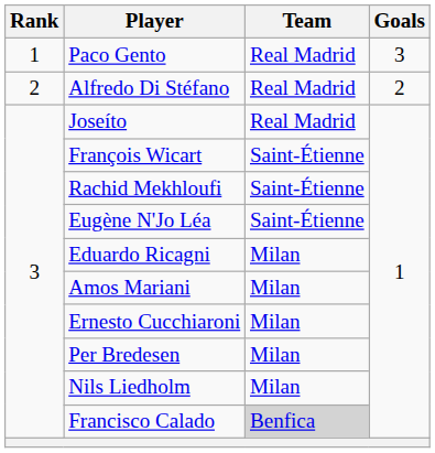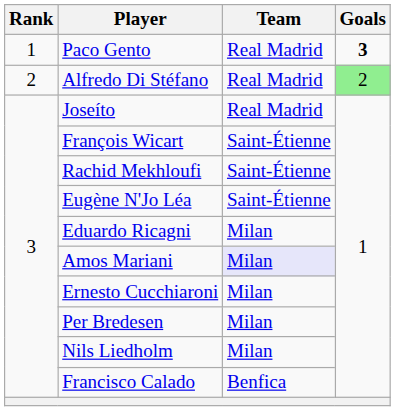 <table class="wikitable" style="text-align:center">
 <tr>
 <th>Rank</th>
 <th>Player</th>
 <th>Team</th>
 <th>Goals</th>
 </tr>
 <tr>
 <td>1</td>
 <td align="left"> <a href='#'>Paco Gento</a></td>
 <td align="left"> <a href='#'>Real Madrid</a></td>
-<td>3</td>
+<td><strong>3</strong></td>
 </tr>
 <tr>
 <td>2</td>
 <td align="left"> <a href='#'>Alfredo Di Stéfano</a></td>
 <td align="left"> <a href='#'>Real Madrid</a></td>
-<td>2</td>
+<td style="background: lightgreen;">2</td>
 </tr>
 <tr>
 <td rowspan="10">3</td>
 <td align="left"> <a href='#'>Joseíto</a></td>
 <td align="left"> <a href='#'>Real Madrid</a></td>
 <td rowspan="10">1</td>
 </tr>
 <tr>
 <td align="left"> <a href='#'>François Wicart</a></td>
 <td align="left"> <a href='#'>Saint-Étienne</a></td>
 </tr>
 <tr>
 <td align="left"> <a href='#'>Rachid Mekhloufi</a></td>
 <td align="left"> <a href='#'>Saint-Étienne</a></td>
 </tr>
 <tr>
 <td align="left"> <a href='#'>Eugène N'Jo Léa</a></td>
 <td align="left"> <a href='#'>Saint-Étienne</a></td>
 </tr>
 <tr>
 <td align="left"> <a href='#'>Eduardo Ricagni</a></td>
 <td align="left"> <a href='#'>Milan</a></td>
 </tr>
 <tr>
 <td align="left"> <a href='#'>Amos Mariani</a></td>
-<td align="left"> <a href='#'>Milan</a></td>
+<td align="left" style="background: lavender;"> <a href='#'>Milan</a></td>
 </tr>
 <tr>
 <td align="left"> <a href='#'>Ernesto Cucchiaroni</a></td>
 <td align="left"> <a href='#'>Milan</a></td>
 </tr>
 <tr>
 <td align="left"> <a href='#'>Per Bredesen</a></td>
 <td align="left"> <a href='#'>Milan</a></td>
 </tr>
 <tr>
 <td align="left"> <a href='#'>Nils Liedholm</a></td>
 <td align="left"> <a href='#'>Milan</a></td>
 </tr>
 <tr>
 <td align="left"> <a href='#'>Francisco Calado</a></td>
-<td align="left" style="background: lightgrey;"> <a href='#'>Benfica</a></td>
+<td align="left"> <a href='#'>Benfica</a></td>
 </tr>
 <tr>
 <th colspan="4"></th>
 </tr>
 </table>
